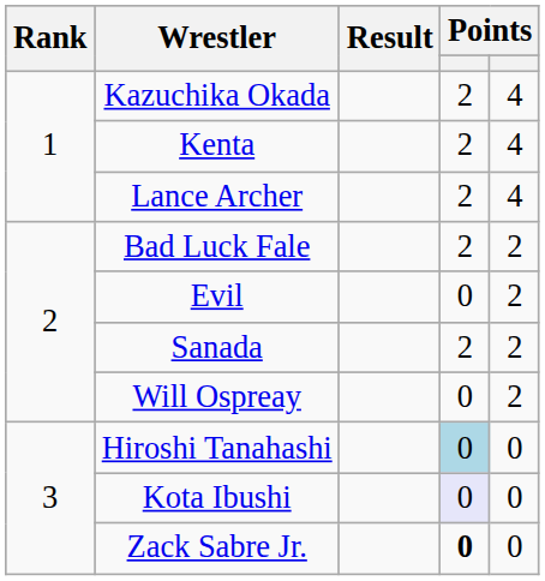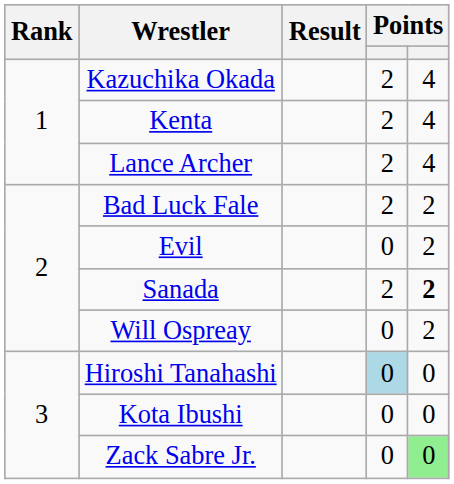 <table class="wikitable mw-collapsible mw-collapsed" plainrowheaders sortable" style="text-align: center">
 <tr>
 <th scope="col" rowspan="2">Rank</th>
 <th scope="col" rowspan="2">Wrestler</th>
 <th scope="col" rowspan="2">Result</th>
 <th scope="col" colspan="2">Points</th>
 </tr>
 <tr>
 <th></th>
 <th></th>
 </tr>
 <tr>
 <td rowspan="3">1</td>
 <td><a href='#'>Kazuchika Okada</a></td>
 <td></td>
 <td>2</td>
 <td>4</td>
 </tr>
 <tr>
 <td><a href='#'>Kenta</a></td>
 <td></td>
 <td>2</td>
 <td>4</td>
 </tr>
 <tr>
 <td><a href='#'>Lance Archer</a></td>
 <td></td>
 <td>2</td>
 <td>4</td>
 </tr>
 <tr>
 <td rowspan="4">2</td>
 <td><a href='#'>Bad Luck Fale</a></td>
 <td></td>
 <td>2</td>
 <td>2</td>
 </tr>
 <tr>
 <td><a href='#'>Evil</a></td>
 <td></td>
 <td>0</td>
 <td>2</td>
 </tr>
 <tr>
 <td><a href='#'>Sanada</a></td>
 <td></td>
 <td>2</td>
-<td>2</td>
+<td><strong>2</strong></td>
 </tr>
 <tr>
 <td><a href='#'>Will Ospreay</a></td>
 <td></td>
 <td>0</td>
 <td>2</td>
 </tr>
 <tr>
 <td rowspan="3">3</td>
 <td><a href='#'>Hiroshi Tanahashi</a></td>
 <td></td>
 <td style="background: lightblue;">0</td>
 <td>0</td>
 </tr>
 <tr>
 <td><a href='#'>Kota Ibushi</a></td>
 <td></td>
-<td style="background: lavender;">0</td>
+<td>0</td>
 <td>0</td>
 </tr>
 <tr>
 <td><a href='#'>Zack Sabre Jr.</a></td>
 <td></td>
-<td><strong>0</strong></td>
 <td>0</td>
+<td style="background: lightgreen;">0</td>
 </tr>
 </table>
